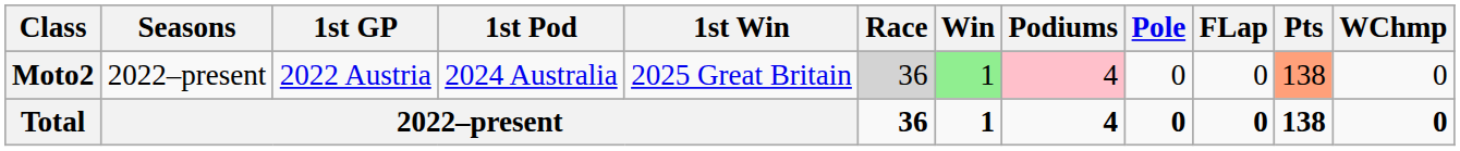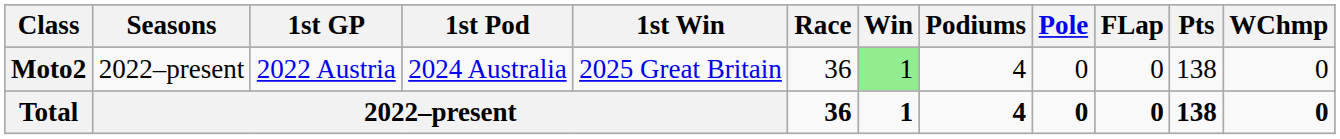 <table class="wikitable" style="text-align:right;">
 <tr>
 <th>Class</th>
 <th>Seasons</th>
 <th>1st GP</th>
 <th>1st Pod</th>
 <th>1st Win</th>
 <th>Race</th>
 <th>Win</th>
 <th>Podiums</th>
 <th><a href='#'>Pole</a></th>
 <th>FLap</th>
 <th>Pts</th>
 <th>WChmp</th>
 </tr>
 <tr>
 <th>Moto2</th>
 <td>2022–present</td>
 <td style="text-align:left;"><a href='#'>2022 Austria</a></td>
 <td style="text-align:left;"><a href='#'>2024 Australia</a></td>
 <td style="text-align:left;"><a href='#'>2025 Great Britain</a></td>
-<td style="background: lightgrey;">36</td>
+<td>36</td>
 <td style="background: lightgreen;">1</td>
-<td style="background: pink;">4</td>
+<td>4</td>
 <td>0</td>
 <td>0</td>
-<td style="background: lightsalmon;">138</td>
+<td>138</td>
 <td>0</td>
 </tr>
 <tr>
 <th>Total</th>
 <th colspan=4>2022–present</th>
 <td><strong>36</strong></td>
 <td><strong>1</strong></td>
 <td><strong>4</strong></td>
 <td><strong>0</strong></td>
 <td><strong>0</strong></td>
 <td><strong>138</strong></td>
 <td><strong>0</strong></td>
 </tr>
 </table>
